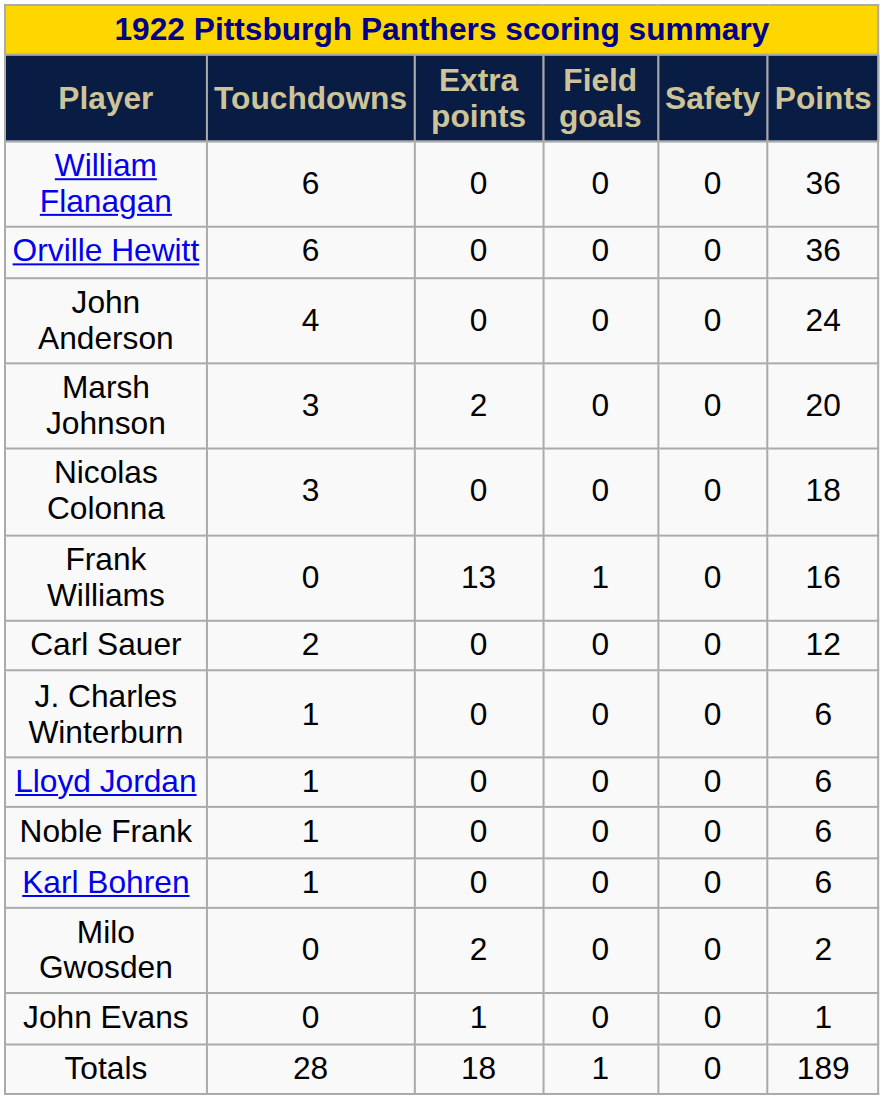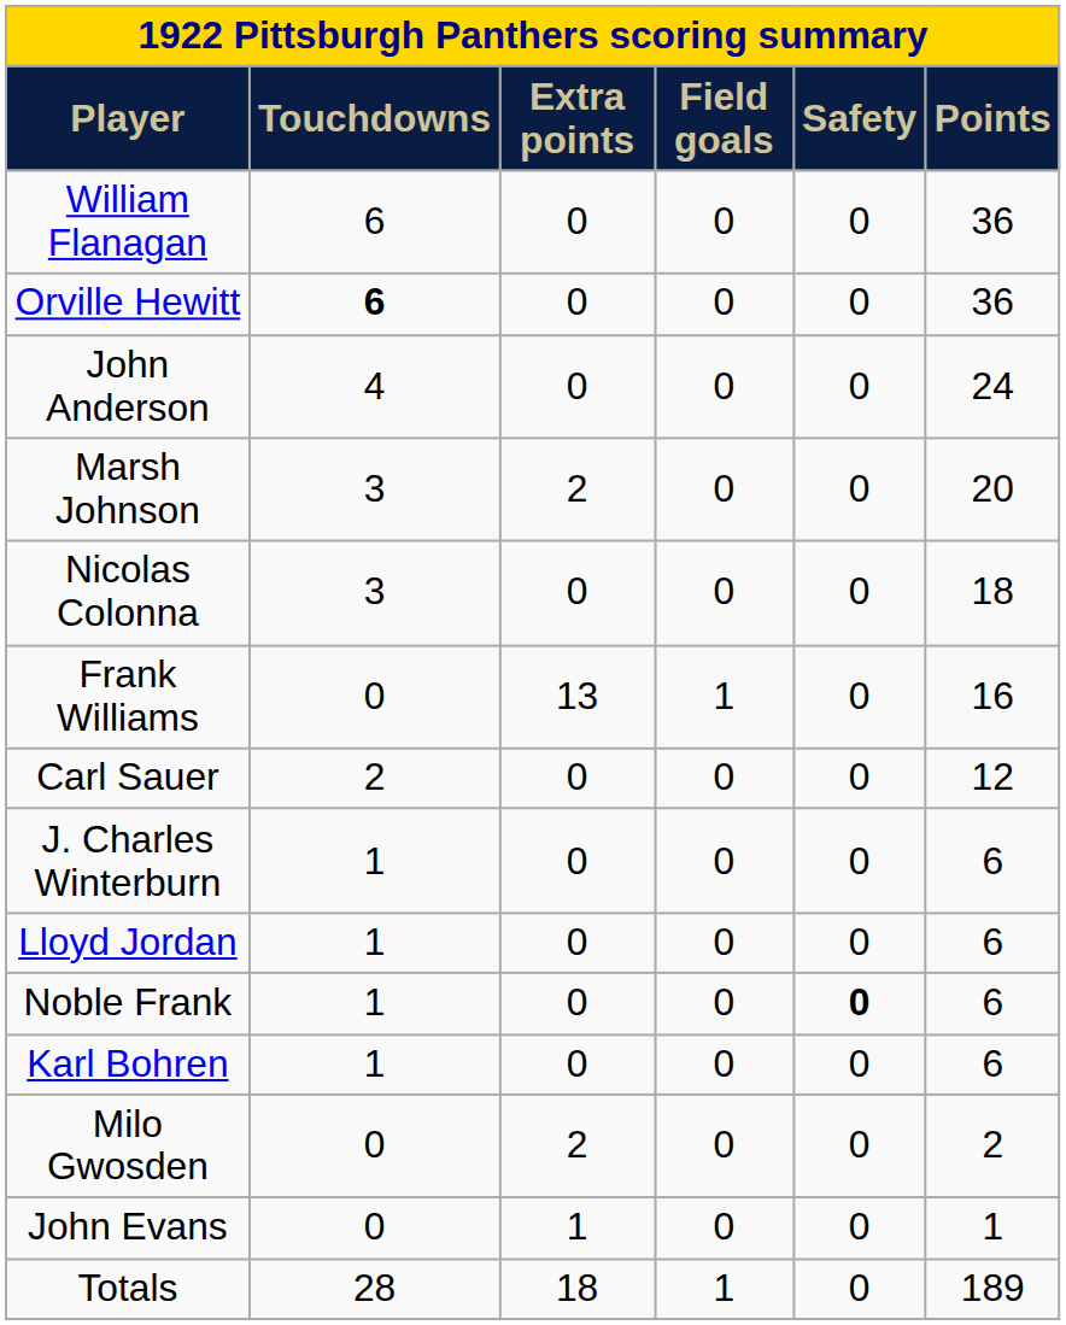 <table class="wikitable" width="35%">
 <tr>
 <th colspan="10" style="background:gold; color:darkblue; text-align: center;"><strong>1922 Pittsburgh Panthers scoring summary</strong></th>
 </tr>
 <tr align="center"  style="background:#091C44;color:#CEC499;">
 <td><strong>Player</strong></td>
 <td><strong>Touchdowns</strong></td>
 <td><strong>Extra points</strong></td>
 <td><strong>Field goals</strong></td>
 <td><strong>Safety</strong></td>
 <td><strong>Points</strong></td>
 </tr>
 <tr align="center" bgcolor="">
 <td><a href='#'>William Flanagan</a></td>
 <td>6</td>
 <td>0</td>
 <td>0</td>
 <td>0</td>
 <td>36</td>
 </tr>
 <tr align="center" bgcolor="">
 <td><a href='#'>Orville Hewitt</a></td>
-<td>6</td>
+<td><strong>6</strong></td>
 <td>0</td>
 <td>0</td>
 <td>0</td>
 <td>36</td>
 </tr>
 <tr align="center" bgcolor="">
 <td>John Anderson</td>
 <td>4</td>
 <td>0</td>
 <td>0</td>
 <td>0</td>
 <td>24</td>
 </tr>
 <tr align="center" bgcolor="">
 <td>Marsh Johnson</td>
 <td>3</td>
 <td>2</td>
 <td>0</td>
 <td>0</td>
 <td>20</td>
 </tr>
 <tr align="center" bgcolor="">
 <td>Nicolas Colonna</td>
 <td>3</td>
 <td>0</td>
 <td>0</td>
 <td>0</td>
 <td>18</td>
 </tr>
 <tr align="center" bgcolor="">
 <td>Frank Williams</td>
 <td>0</td>
 <td>13</td>
 <td>1</td>
 <td>0</td>
 <td>16</td>
 </tr>
 <tr align="center" bgcolor="">
 <td>Carl Sauer</td>
 <td>2</td>
 <td>0</td>
 <td>0</td>
 <td>0</td>
 <td>12</td>
 </tr>
 <tr align="center" bgcolor="">
 <td>J. Charles Winterburn</td>
 <td>1</td>
 <td>0</td>
 <td>0</td>
 <td>0</td>
 <td>6</td>
 </tr>
 <tr align="center" bgcolor="">
 <td><a href='#'>Lloyd Jordan</a></td>
 <td>1</td>
 <td>0</td>
 <td>0</td>
 <td>0</td>
 <td>6</td>
 </tr>
 <tr align="center" bgcolor="">
 <td>Noble Frank</td>
 <td>1</td>
 <td>0</td>
 <td>0</td>
-<td>0</td>
+<td><strong>0</strong></td>
 <td>6</td>
 </tr>
 <tr align="center" bgcolor="">
 <td><a href='#'>Karl Bohren</a></td>
 <td>1</td>
 <td>0</td>
 <td>0</td>
 <td>0</td>
 <td>6</td>
 </tr>
 <tr align="center" bgcolor="">
 <td>Milo Gwosden</td>
 <td>0</td>
 <td>2</td>
 <td>0</td>
 <td>0</td>
 <td>2</td>
 </tr>
 <tr align="center" bgcolor="">
 <td>John Evans</td>
 <td>0</td>
 <td>1</td>
 <td>0</td>
 <td>0</td>
 <td>1</td>
 </tr>
 <tr align="center" bgcolor="">
 <td>Totals</td>
 <td>28</td>
 <td>18</td>
 <td>1</td>
 <td>0</td>
 <td>189</td>
 </tr>
 <tr align="center" bgcolor="">
 </tr>
 </table>
